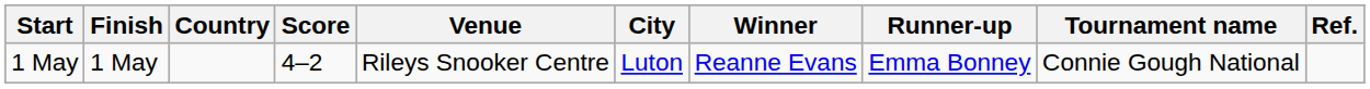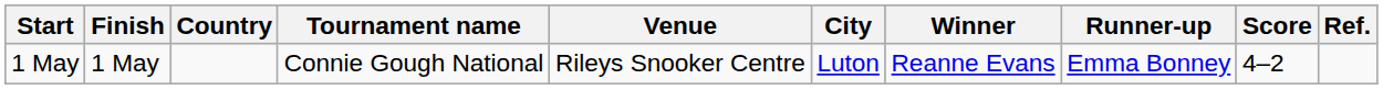 <table class="wikitable sortable" style="font-size: 85%">
 <tr>
 <th>Start</th>
 <th>Finish</th>
 <th>Country</th>
-<th>Score</th>
+<th>Tournament name</th>
 <th>Venue</th>
 <th>City</th>
 <th>Winner</th>
 <th>Runner-up</th>
-<th>Tournament name</th>
+<th>Score</th>
 <th>Ref.</th>
 </tr>
 <tr>
 <td>1 May</td>
 <td>1 May</td>
 <td></td>
-<td>4–2</td>
+<td>Connie Gough National</td>
 <td>Rileys Snooker Centre</td>
 <td><a href='#'>Luton</a></td>
 <td> <a href='#'>Reanne Evans</a></td>
 <td> <a href='#'>Emma Bonney</a></td>
-<td>Connie Gough National</td>
+<td>4–2</td>
 <td></td>
 </tr>
 </table>
